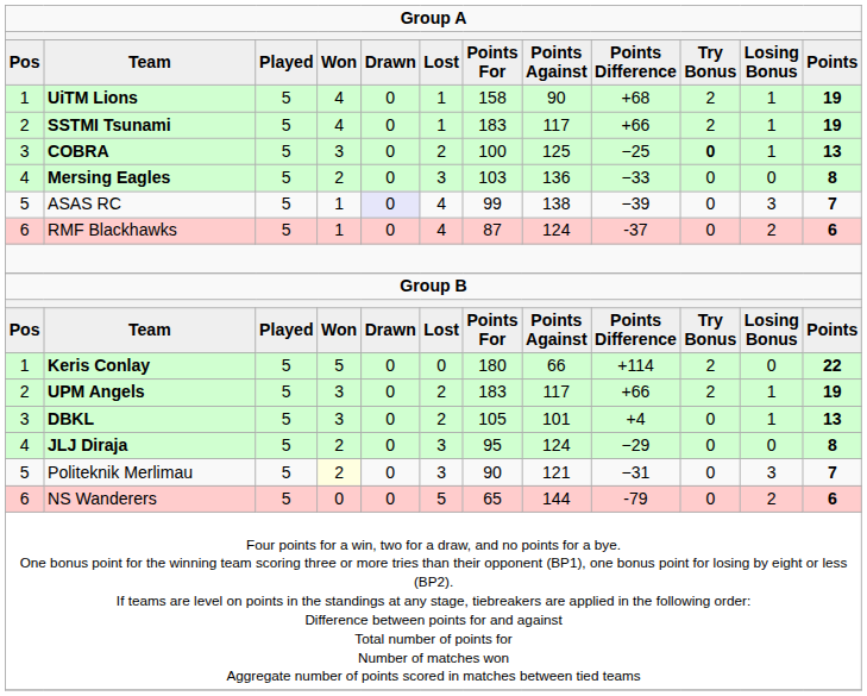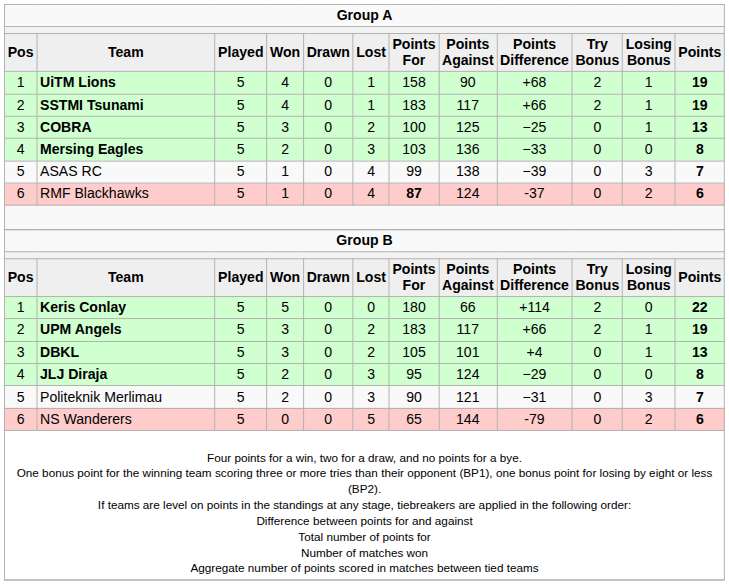 <table class="wikitable" style="text-align: center;">
 <tr bgcolor="#f9f9f9">
 <td colspan="15" cellpadding="0" cellspacing="0"><strong>Group A</strong></td>
 </tr>
 <tr bgcolor="#f3f3f3">
 <td colspan="15" cellpadding="0" cellspacing="0"></td>
 </tr>
 <tr style="font-weight: bold;">
 <td bgcolor="#efefef" width="20">Pos</td>
 <td bgcolor="#efefef" width="195">Team</td>
 <td bgcolor="#efefef" width="20">Played</td>
 <td bgcolor="#efefef" width="20">Won</td>
 <td bgcolor="#efefef" width="20">Drawn</td>
 <td bgcolor="#efefef" width="20">Lost</td>
 <td bgcolor="#efefef" width="20">Points For</td>
 <td bgcolor="#efefef" width="20">Points Against</td>
 <td bgcolor="#efefef" width="20">Points Difference</td>
 <td bgcolor="#efefef" width="20">Try Bonus</td>
 <td bgcolor="#efefef" width="20">Losing Bonus</td>
 <td bgcolor="#efefef" width="20">Points<br></td>
 </tr>
 <tr bgcolor=#d0ffd0 align=center>
 <td>1</td>
 <td align=left><strong>UiTM Lions</strong></td>
 <td>5</td>
 <td>4</td>
 <td>0</td>
 <td>1</td>
 <td>158</td>
 <td>90</td>
 <td>+68</td>
 <td>2</td>
 <td>1</td>
 <td><strong>19</strong></td>
 </tr>
 <tr bgcolor=#d0ffd0 align=center>
 <td>2</td>
 <td align=left><strong>SSTMI Tsunami</strong></td>
 <td>5</td>
 <td>4</td>
 <td>0</td>
 <td>1</td>
 <td>183</td>
 <td>117</td>
 <td>+66</td>
 <td>2</td>
 <td>1</td>
 <td><strong>19</strong></td>
 </tr>
 <tr bgcolor=#d0ffd0 align=center>
 <td>3</td>
 <td align=left><strong>COBRA</strong></td>
 <td>5</td>
 <td>3</td>
 <td>0</td>
 <td>2</td>
 <td>100</td>
 <td>125</td>
 <td>−25</td>
-<td><strong>0</strong></td>
+<td>0</td>
 <td>1</td>
 <td><strong>13</strong></td>
 </tr>
 <tr bgcolor=#d0ffd0 align=center>
 <td>4</td>
 <td align=left><strong>Mersing Eagles</strong></td>
 <td>5</td>
 <td>2</td>
 <td>0</td>
 <td>3</td>
 <td>103</td>
 <td>136</td>
 <td>−33</td>
 <td>0</td>
 <td>0</td>
 <td><strong>8</strong></td>
 </tr>
 <tr align=center>
 <td>5</td>
 <td align=left>ASAS RC</td>
 <td>5</td>
 <td>1</td>
-<td style="background: lavender;">0</td>
+<td>0</td>
 <td>4</td>
 <td>99</td>
 <td>138</td>
 <td>−39</td>
 <td>0</td>
 <td>3</td>
 <td><strong>7</strong></td>
 </tr>
 <tr bgcolor=#FFCCCC align=center>
 <td>6</td>
 <td align=left>RMF Blackhawks</td>
 <td>5</td>
 <td>1</td>
 <td>0</td>
 <td>4</td>
-<td>87</td>
+<td><strong>87</strong></td>
 <td>124</td>
 <td>-37</td>
 <td>0</td>
 <td>2</td>
 <td><strong>6</strong></td>
 </tr>
 <tr>
 <td colspan="15" cellpadding="0" cellspacing="0" style="height: 20px;"></td>
 </tr>
 <tr>
 </tr>
 <tr bgcolor="#f9f9f9">
 <td colspan="15" cellpadding="0" cellspacing="0"><strong>Group B</strong></td>
 </tr>
 <tr bgcolor="#f3f3f3">
 <td colspan="15" cellpadding="0" cellspacing="0"></td>
 </tr>
 <tr style="font-weight: bold;">
 <td bgcolor="#efefef" width="20">Pos</td>
 <td bgcolor="#efefef" width="195">Team</td>
 <td bgcolor="#efefef" width="20">Played</td>
 <td bgcolor="#efefef" width="20">Won</td>
 <td bgcolor="#efefef" width="20">Drawn</td>
 <td bgcolor="#efefef" width="20">Lost</td>
 <td bgcolor="#efefef" width="20">Points For</td>
 <td bgcolor="#efefef" width="20">Points Against</td>
 <td bgcolor="#efefef" width="20">Points Difference</td>
 <td bgcolor="#efefef" width="20">Try Bonus</td>
 <td bgcolor="#efefef" width="20">Losing Bonus</td>
 <td bgcolor="#efefef" width="20">Points<br></td>
 </tr>
 <tr bgcolor=#d0ffd0 align=center>
 <td>1</td>
 <td align=left><strong>Keris Conlay</strong></td>
 <td>5</td>
 <td>5</td>
 <td>0</td>
 <td>0</td>
 <td>180</td>
 <td>66</td>
 <td>+114</td>
 <td>2</td>
 <td>0</td>
 <td><strong>22</strong></td>
 </tr>
 <tr bgcolor=#d0ffd0 align=center>
 <td>2</td>
 <td align=left><strong>UPM Angels</strong></td>
 <td>5</td>
 <td>3</td>
 <td>0</td>
 <td>2</td>
 <td>183</td>
 <td>117</td>
 <td>+66</td>
 <td>2</td>
 <td>1</td>
 <td><strong>19</strong></td>
 </tr>
 <tr bgcolor=#d0ffd0 align=center>
 <td>3</td>
 <td align=left><strong>DBKL</strong></td>
 <td>5</td>
 <td>3</td>
 <td>0</td>
 <td>2</td>
 <td>105</td>
 <td>101</td>
 <td>+4</td>
 <td>0</td>
 <td>1</td>
 <td><strong>13</strong></td>
 </tr>
 <tr bgcolor=#d0ffd0 align=center>
 <td>4</td>
 <td align=left><strong>JLJ Diraja</strong></td>
 <td>5</td>
 <td>2</td>
 <td>0</td>
 <td>3</td>
 <td>95</td>
 <td>124</td>
 <td>−29</td>
 <td>0</td>
 <td>0</td>
 <td><strong>8</strong></td>
 </tr>
 <tr align=center>
 <td>5</td>
 <td align=left>Politeknik Merlimau</td>
 <td>5</td>
-<td style="background: lightyellow;">2</td>
+<td>2</td>
 <td>0</td>
 <td>3</td>
 <td>90</td>
 <td>121</td>
 <td>−31</td>
 <td>0</td>
 <td>3</td>
 <td><strong>7</strong></td>
 </tr>
 <tr bgcolor=#FFCCCC align=center>
 <td>6</td>
 <td align=left>NS Wanderers</td>
 <td>5</td>
 <td>0</td>
 <td>0</td>
 <td>5</td>
 <td>65</td>
 <td>144</td>
 <td>-79</td>
 <td>0</td>
 <td>2</td>
 <td><strong>6</strong></td>
 </tr>
 <tr bgcolor="#ffffff" align=center>
 <td colspan="15"><br><small>Four points for a win, two for a draw, and no points for a bye.<br> One bonus point for the winning team scoring three or more tries than their opponent (BP1), one bonus point for losing by eight or less (BP2).<br> If teams are level on points in the standings at any stage, tiebreakers are applied in the following order:<br>  Difference between points for and against<br>  Total number of points for<br>  Number of matches won<br>  Aggregate number of points scored in matches between tied teams<br></small></td>
 </tr>
 <tr |align=left|>
 </tr>
 </table>
